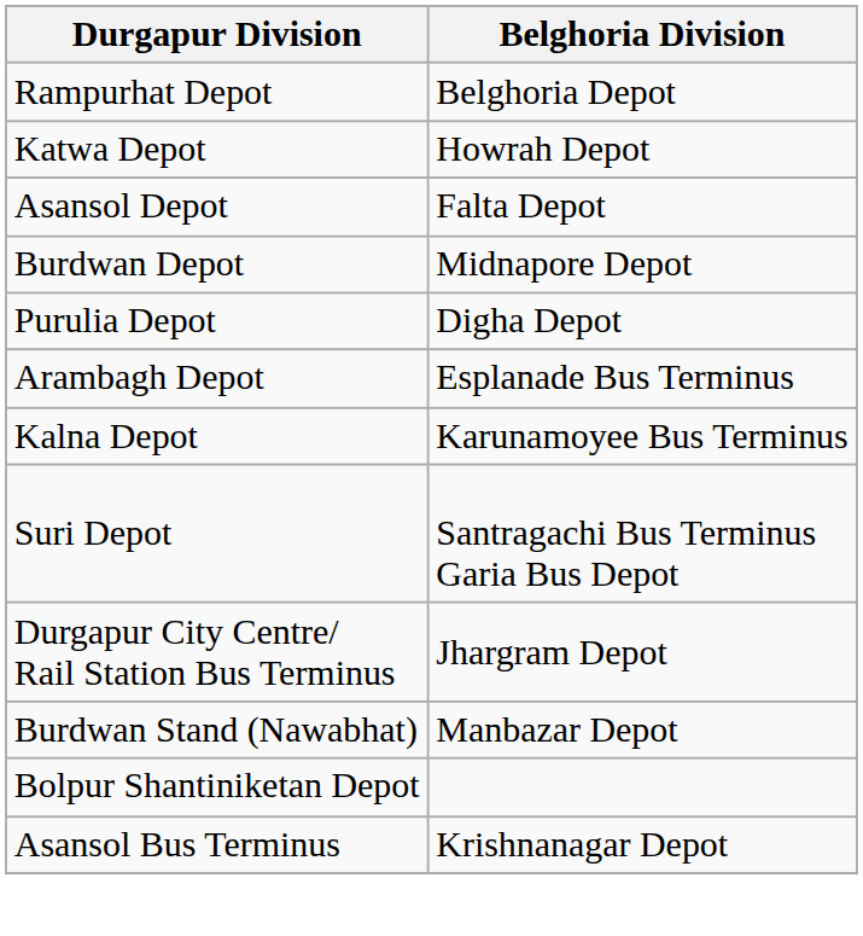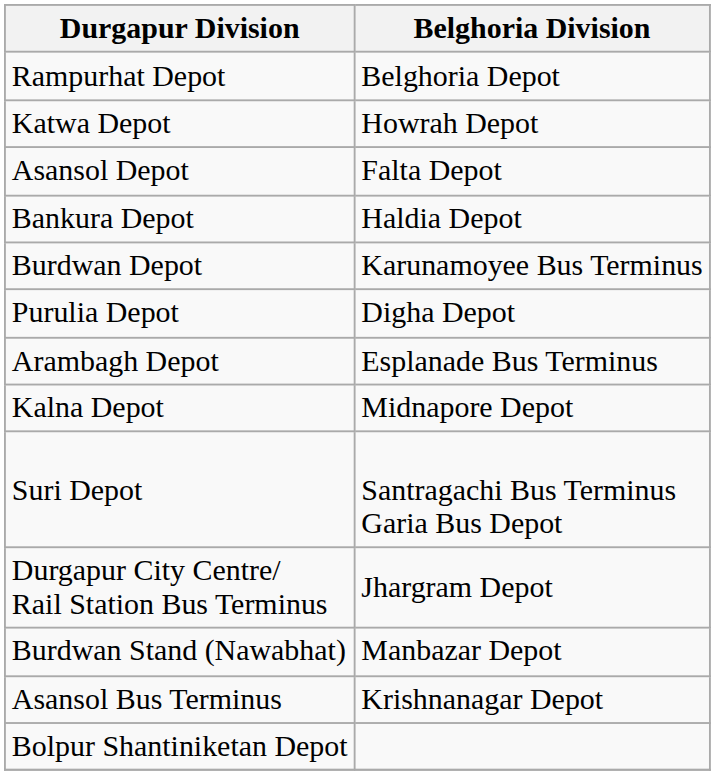 <table class="wikitable sortable">
 <tr>
 <th>Durgapur Division</th>
 <th>Belghoria Division</th>
 </tr>
 <tr>
 <td>Rampurhat Depot</td>
 <td>Belghoria Depot</td>
 </tr>
 <tr>
 <td>Katwa Depot</td>
 <td>Howrah Depot</td>
 </tr>
 <tr>
 <td>Asansol Depot</td>
 <td>Falta Depot</td>
 </tr>
 <tr>
+<td>Bankura Depot</td>
+<td>Haldia Depot</td>
+</tr>
+<tr>
 <td>Burdwan Depot</td>
-<td>Midnapore Depot</td>
+<td>Karunamoyee Bus Terminus</td>
 </tr>
 <tr>
 <td>Purulia Depot</td>
 <td>Digha Depot</td>
 </tr>
 <tr>
 <td>Arambagh Depot</td>
 <td>Esplanade Bus Terminus</td>
 </tr>
 <tr>
 <td>Kalna Depot</td>
-<td>Karunamoyee Bus Terminus</td>
+<td>Midnapore Depot</td>
 </tr>
 <tr>
 <td>Suri Depot</td>
 <td><br>Santragachi Bus Terminus<br>Garia Bus Depot</td>
 </tr>
 <tr>
 <td>Durgapur City Centre/<br>Rail Station  Bus Terminus</td>
 <td>Jhargram Depot</td>
 </tr>
 <tr>
 <td>Burdwan Stand (Nawabhat)</td>
 <td>Manbazar Depot</td>
 </tr>
 <tr>
+<td>Asansol Bus Terminus</td>
+<td>Krishnanagar Depot</td>
+</tr>
+<tr>
 <td>Bolpur Shantiniketan Depot</td>
 <td></td>
 </tr>
 <tr>
-<td>Asansol Bus Terminus</td>
-<td>Krishnanagar Depot</td>
-</tr>
-<tr>
 </tr>
 </table>
